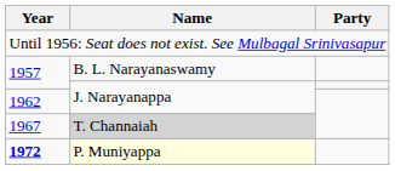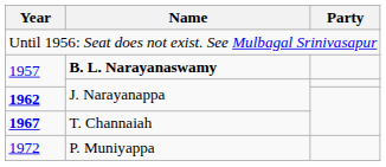 <table class="wikitable sortable">
 <tr>
 <th>Year</th>
 <th>Name</th>
 <th colspan=2>Party</th>
 </tr>
 <tr>
 <td colspan=4 align="center">Until 1956: <em>Seat does not exist. See <a href='#'>Mulbagal Srinivasapur</a></em></td>
 </tr>
 <tr>
 <td rowspan=2><a href='#'>1957</a></td>
-<td>B. L. Narayanaswamy</td>
+<td><strong>B. L. Narayanaswamy</strong></td>
 <td></td>
 </tr>
 <tr>
 <td rowspan="2">J. Narayanappa</td>
 <td></td>
 </tr>
 <tr>
-<td><a href='#'>1962</a></td>
+<td><strong><a href='#'>1962</a></strong></td>
 </tr>
 <tr>
-<td><a href='#'>1967</a></td>
-<td style="background: lightgrey;">T. Channaiah</td>
+<td><strong><a href='#'>1967</a></strong></td>
+<td>T. Channaiah</td>
 </tr>
 <tr>
-<td><strong><a href='#'>1972</a></strong></td>
-<td style="background: lightyellow;">P. Muniyappa</td>
+<td><a href='#'>1972</a></td>
+<td>P. Muniyappa</td>
 <td></td>
 </tr>
 </table>
